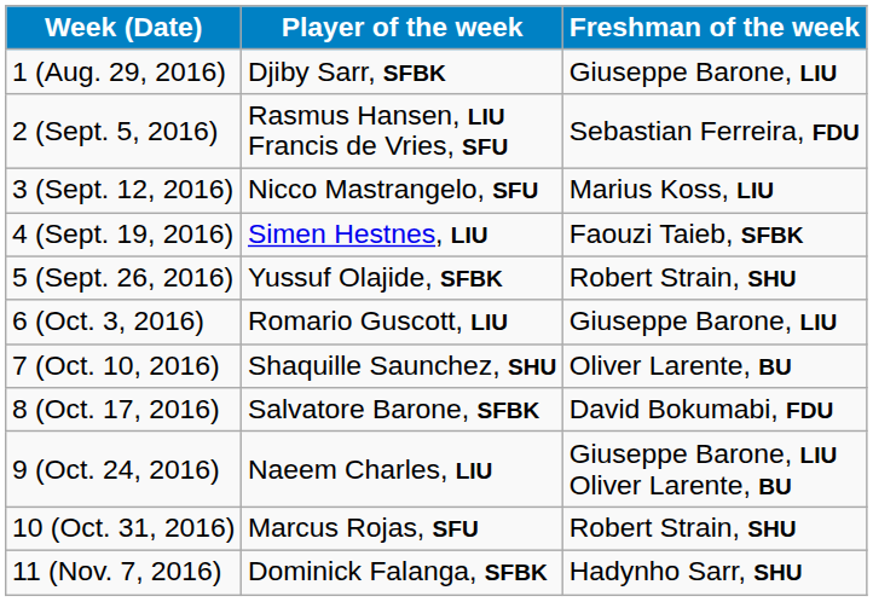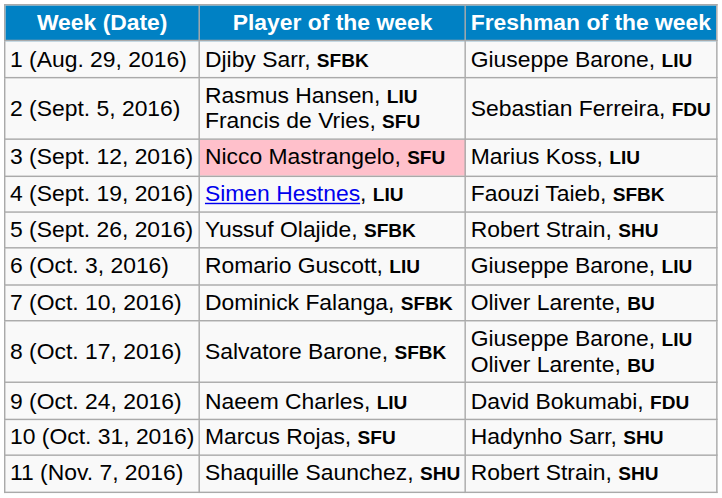 <table class="wikitable" border="1">
 <tr>
 <th align="center" style="background:#0081C4; color:#FFFFFF;">Week (Date)</th>
 <th align="center" style="background:#0081C4; color:#FFFFFF;">Player of the week</th>
 <th align="center" style="background:#0081C4; color:#FFFFFF;">Freshman of the week</th>
 </tr>
 <tr>
 <td>1 (Aug. 29, 2016)</td>
 <td>Djiby Sarr, <small><strong>SFBK</strong></small></td>
 <td>Giuseppe Barone, <small><strong>LIU</strong></small></td>
 </tr>
 <tr>
 <td>2 (Sept. 5, 2016)</td>
 <td>Rasmus Hansen, <small><strong>LIU</strong></small><br>Francis de Vries, <small><strong>SFU</strong></small></td>
 <td>Sebastian Ferreira, <small><strong>FDU</strong></small></td>
 </tr>
 <tr>
 <td>3 (Sept. 12, 2016)</td>
-<td>Nicco Mastrangelo, <small><strong>SFU</strong></small></td>
+<td style="background: pink;">Nicco Mastrangelo, <small><strong>SFU</strong></small></td>
 <td>Marius Koss, <small><strong>LIU</strong></small></td>
 </tr>
 <tr>
 <td>4 (Sept. 19, 2016)</td>
 <td><a href='#'>Simen Hestnes</a>, <small><strong>LIU</strong></small></td>
 <td>Faouzi Taieb, <small><strong>SFBK</strong></small></td>
 </tr>
 <tr>
 <td>5 (Sept. 26, 2016)</td>
 <td>Yussuf Olajide, <small><strong>SFBK</strong></small></td>
 <td>Robert Strain, <small><strong>SHU</strong></small></td>
 </tr>
 <tr>
 <td>6 (Oct. 3, 2016)</td>
 <td>Romario Guscott, <small><strong>LIU</strong></small></td>
 <td>Giuseppe Barone, <small><strong>LIU</strong></small></td>
 </tr>
 <tr>
 <td>7 (Oct. 10, 2016)</td>
-<td>Shaquille Saunchez, <small><strong>SHU</strong></small></td>
+<td>Dominick Falanga, <small><strong>SFBK</strong></small></td>
 <td>Oliver Larente, <small><strong>BU</strong></small></td>
 </tr>
 <tr>
 <td>8 (Oct. 17, 2016)</td>
 <td>Salvatore Barone, <small><strong>SFBK</strong></small></td>
-<td>David Bokumabi, <small><strong>FDU</strong></small></td>
+<td>Giuseppe Barone, <small><strong>LIU</strong></small><br>Oliver Larente, <small><strong>BU</strong></small></td>
 </tr>
 <tr>
 <td>9 (Oct. 24, 2016)</td>
 <td>Naeem Charles, <small><strong>LIU</strong></small></td>
-<td>Giuseppe Barone, <small><strong>LIU</strong></small><br>Oliver Larente, <small><strong>BU</strong></small></td>
+<td>David Bokumabi, <small><strong>FDU</strong></small></td>
 </tr>
 <tr>
 <td>10 (Oct. 31, 2016)</td>
 <td>Marcus Rojas, <small><strong>SFU</strong></small></td>
-<td>Robert Strain, <small><strong>SHU</strong></small></td>
+<td>Hadynho Sarr, <small><strong>SHU</strong></small></td>
 </tr>
 <tr>
 <td>11 (Nov. 7, 2016)</td>
-<td>Dominick Falanga, <small><strong>SFBK</strong></small></td>
-<td>Hadynho Sarr, <small><strong>SHU</strong></small></td>
+<td>Shaquille Saunchez, <small><strong>SHU</strong></small></td>
+<td>Robert Strain, <small><strong>SHU</strong></small></td>
 </tr>
 </table>
